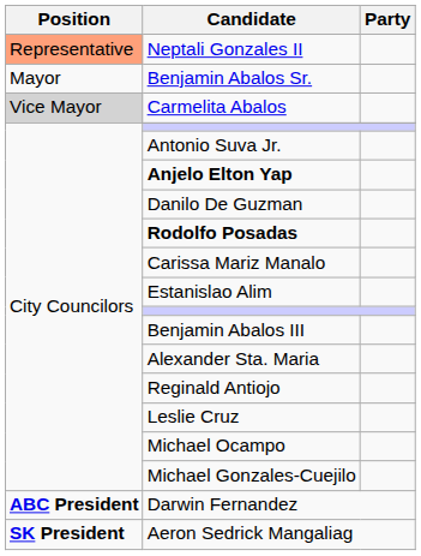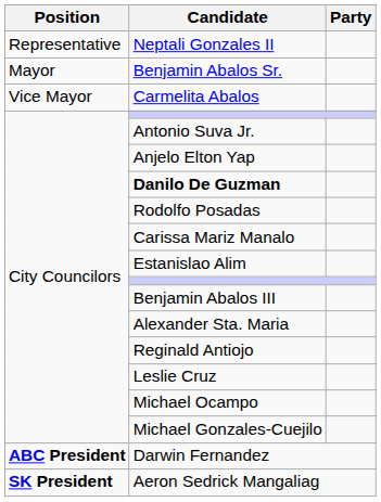 <table class="wikitable">
 <tr>
 <th>Position</th>
 <th>Candidate</th>
 <th colspan=2>Party</th>
 </tr>
 <tr>
-<td style="background: lightsalmon;">Representative<br></td>
+<td>Representative<br></td>
 <td><a href='#'>Neptali Gonzales II</a></td>
 <td></td>
 </tr>
 <tr>
 <td>Mayor</td>
 <td><a href='#'>Benjamin Abalos Sr.</a></td>
 <td></td>
 </tr>
 <tr>
-<td style="background: lightgrey;">Vice Mayor</td>
+<td>Vice Mayor</td>
 <td><a href='#'>Carmelita Abalos</a></td>
 <td></td>
 </tr>
 <tr>
 <td rowspan=15>City Councilors</td>
 </tr>
 <tr style="background:#ccf;">
 <td colspan=3 style="text-align:center;"></td>
 </tr>
 <tr>
 <td>Antonio Suva Jr.</td>
 <td></td>
 </tr>
 <tr>
-<td><strong>Anjelo Elton Yap</strong></td>
+<td>Anjelo Elton Yap</td>
 <td></td>
 </tr>
 <tr>
-<td>Danilo De Guzman</td>
+<td><strong>Danilo De Guzman</strong></td>
 <td></td>
 </tr>
 <tr>
-<td><strong>Rodolfo Posadas</strong></td>
+<td>Rodolfo Posadas</td>
 <td></td>
 </tr>
 <tr>
 <td>Carissa Mariz Manalo</td>
 <td></td>
 </tr>
 <tr>
 <td>Estanislao Alim</td>
 <td></td>
 </tr>
 <tr style="background:#ccf;">
 <td colspan=3 style="text-align:center;"></td>
 </tr>
 <tr>
 <td>Benjamin Abalos III</td>
 <td></td>
 </tr>
 <tr>
 <td>Alexander Sta. Maria</td>
 <td></td>
 </tr>
 <tr>
 <td>Reginald Antiojo</td>
 <td></td>
 </tr>
 <tr>
 <td>Leslie Cruz</td>
 <td></td>
 </tr>
 <tr>
 <td>Michael Ocampo</td>
 <td></td>
 </tr>
 <tr>
 <td>Michael Gonzales-Cuejilo</td>
 <td></td>
 </tr>
 <tr>
 <td><strong><a href='#'>ABC</a> President</strong></td>
 <td colspan=3>Darwin Fernandez<br></td>
 </tr>
 <tr>
 <td><strong><a href='#'>SK</a> President</strong></td>
 <td colspan=3>Aeron Sedrick Mangaliag<br></td>
 </tr>
 </table>
